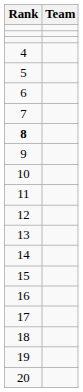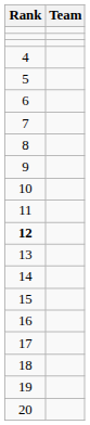 <table class="wikitable" style="text-align:center;">
 <tr>
 <th width=40>Rank</th>
 <th>Team</th>
 </tr>
 <tr>
 <td></td>
 <td style="text-align:left;"></td>
 </tr>
 <tr>
 <td></td>
 <td style="text-align:left;"></td>
 </tr>
 <tr>
 <td></td>
 <td style="text-align:left;"></td>
 </tr>
 <tr>
 <td>4</td>
 <td style="text-align:left;"></td>
 </tr>
 <tr>
 <td>5</td>
 <td style="text-align:left;"></td>
 </tr>
 <tr>
 <td>6</td>
 <td style="text-align:left;"></td>
 </tr>
 <tr>
 <td>7</td>
 <td style="text-align:left;"></td>
 </tr>
 <tr>
-<td><strong>8</strong></td>
+<td>8</td>
 <td style="text-align:left;"></td>
 </tr>
 <tr>
 <td>9</td>
 <td style="text-align:left;"></td>
 </tr>
 <tr>
 <td>10</td>
 <td style="text-align:left;"></td>
 </tr>
 <tr>
 <td>11</td>
 <td style="text-align:left;"></td>
 </tr>
 <tr>
-<td>12</td>
+<td><strong>12</strong></td>
 <td style="text-align:left;"></td>
 </tr>
 <tr>
 <td>13</td>
 <td style="text-align:left;"></td>
 </tr>
 <tr>
 <td>14</td>
 <td style="text-align:left;"></td>
 </tr>
 <tr>
 <td>15</td>
 <td style="text-align:left;"></td>
 </tr>
 <tr>
 <td>16</td>
 <td style="text-align:left;"></td>
 </tr>
 <tr>
 <td>17</td>
 <td style="text-align:left;"></td>
 </tr>
 <tr>
 <td>18</td>
 <td style="text-align:left;"></td>
 </tr>
 <tr>
 <td>19</td>
 <td style="text-align:left;"></td>
 </tr>
 <tr>
 <td>20</td>
 <td style="text-align:left;"></td>
 </tr>
 </table>
